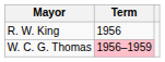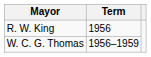 <table class="wikitable">
 <tr>
 <th>Mayor</th>
 <th>Term</th>
 <th></th>
 </tr>
 <tr>
 <td>R. W. King</td>
 <td>1956</td>
 <td rowspan="2"></td>
 </tr>
 <tr>
 <td>W. C. G. Thomas</td>
-<td style="background: pink;">1956–1959</td>
+<td>1956–1959</td>
 </tr>
 </table>
